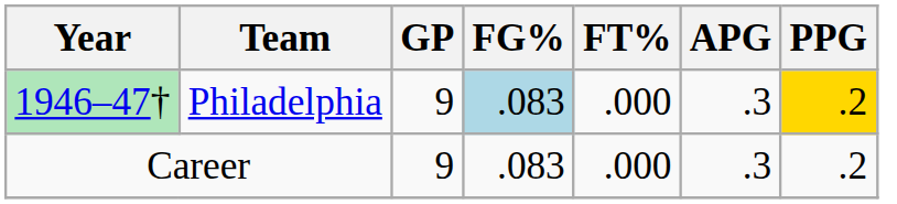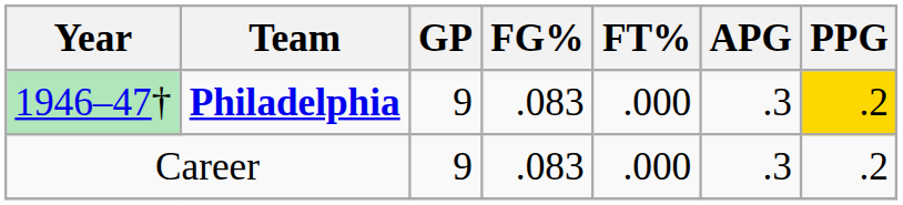 <table class="wikitable sortable" style="font-size:95%; text-align:right;">
 <tr>
 <th>Year</th>
 <th>Team</th>
 <th>GP</th>
 <th>FG%</th>
 <th>FT%</th>
 <th>APG</th>
 <th>PPG</th>
 </tr>
 <tr>
 <td style="text-align:left;background:#afe6ba"><a href='#'>1946–47</a>†</td>
-<td style="text-align:left;"><a href='#'>Philadelphia</a></td>
+<td style="text-align:left;"><strong><a href='#'>Philadelphia</a></strong></td>
 <td>9</td>
-<td style="background: lightblue;">.083</td>
+<td>.083</td>
 <td>.000</td>
 <td>.3</td>
 <td style="background: gold;">.2</td>
 </tr>
 <tr>
 <td style="text-align:center;" colspan="2">Career</td>
 <td>9</td>
 <td>.083</td>
 <td>.000</td>
 <td>.3</td>
 <td>.2</td>
 </tr>
 <tr>
 </tr>
 </table>
